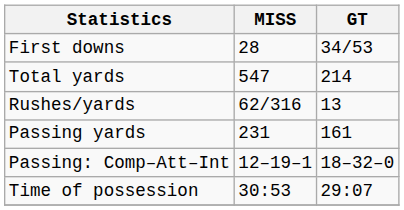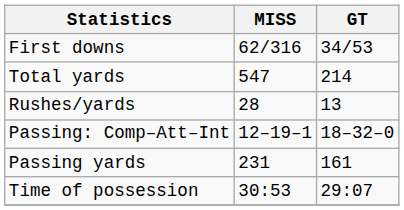 <table class="wikitable" style="float: left;">
 <tr>
 <th>Statistics</th>
 <th>MISS</th>
 <th>GT</th>
 </tr>
 <tr>
 <td>First downs</td>
-<td>28</td>
+<td>62/316</td>
 <td>34/53</td>
 </tr>
 <tr>
 <td>Total yards</td>
 <td>547</td>
 <td>214</td>
 </tr>
 <tr>
 <td>Rushes/yards</td>
-<td>62/316</td>
+<td>28</td>
 <td>13</td>
+</tr>
+<tr>
+<td>Passing: Comp–Att–Int</td>
+<td>12–19–1</td>
+<td>18–32–0</td>
 </tr>
 <tr>
 <td>Passing yards</td>
 <td>231</td>
 <td>161</td>
-</tr>
-<tr>
-<td>Passing: Comp–Att–Int</td>
-<td>12–19–1</td>
-<td>18–32–0</td>
 </tr>
 <tr>
 <td>Time of possession</td>
 <td>30:53</td>
 <td>29:07</td>
 </tr>
 <tr>
 </tr>
 </table>
